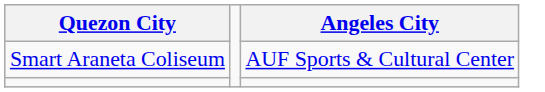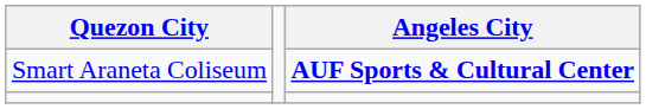 <table class="wikitable sortable" style="font-size:90%;">
 <tr>
 <th><a href='#'>Quezon City</a></th>
 <td rowspan=3 align=center valign=center><br></td>
 <th><a href='#'>Angeles City</a></th>
 </tr>
 <tr align=center>
 <td><a href='#'>Smart Araneta Coliseum</a></td>
-<td><a href='#'>AUF Sports & Cultural Center</a></td>
+<td><strong><a href='#'>AUF Sports & Cultural Center</a></strong></td>
 </tr>
 <tr>
 <td></td>
 <td></td>
 </tr>
 </table>
